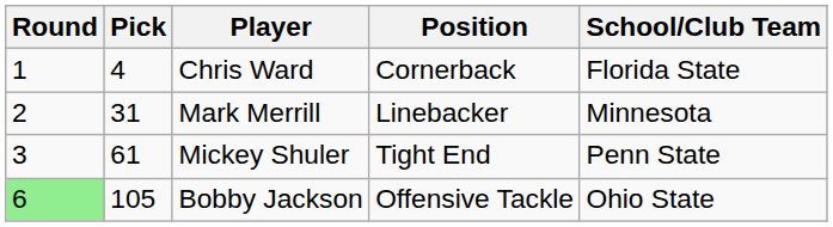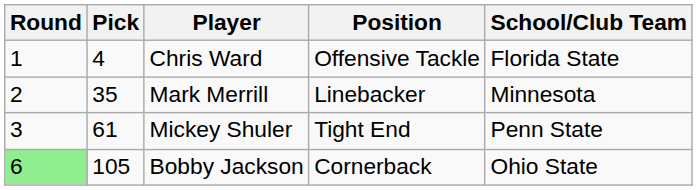 <table class="wikitable sortable sortable">
 <tr>
 <th>Round</th>
 <th>Pick</th>
 <th>Player</th>
 <th>Position</th>
 <th>School/Club Team</th>
 </tr>
 <tr>
 <td>1</td>
 <td>4</td>
 <td>Chris Ward</td>
-<td>Cornerback</td>
+<td>Offensive Tackle</td>
 <td>Florida State</td>
 </tr>
 <tr>
 <td>2</td>
-<td>31</td>
+<td>35</td>
 <td>Mark Merrill</td>
 <td>Linebacker</td>
 <td>Minnesota</td>
 </tr>
 <tr>
 <td>3</td>
 <td>61</td>
 <td>Mickey Shuler</td>
 <td>Tight End</td>
 <td>Penn State</td>
 </tr>
 <tr>
 <td style="background: lightgreen;">6</td>
 <td>105</td>
 <td>Bobby Jackson</td>
-<td>Offensive Tackle</td>
+<td>Cornerback</td>
 <td>Ohio State</td>
 </tr>
 </table>
